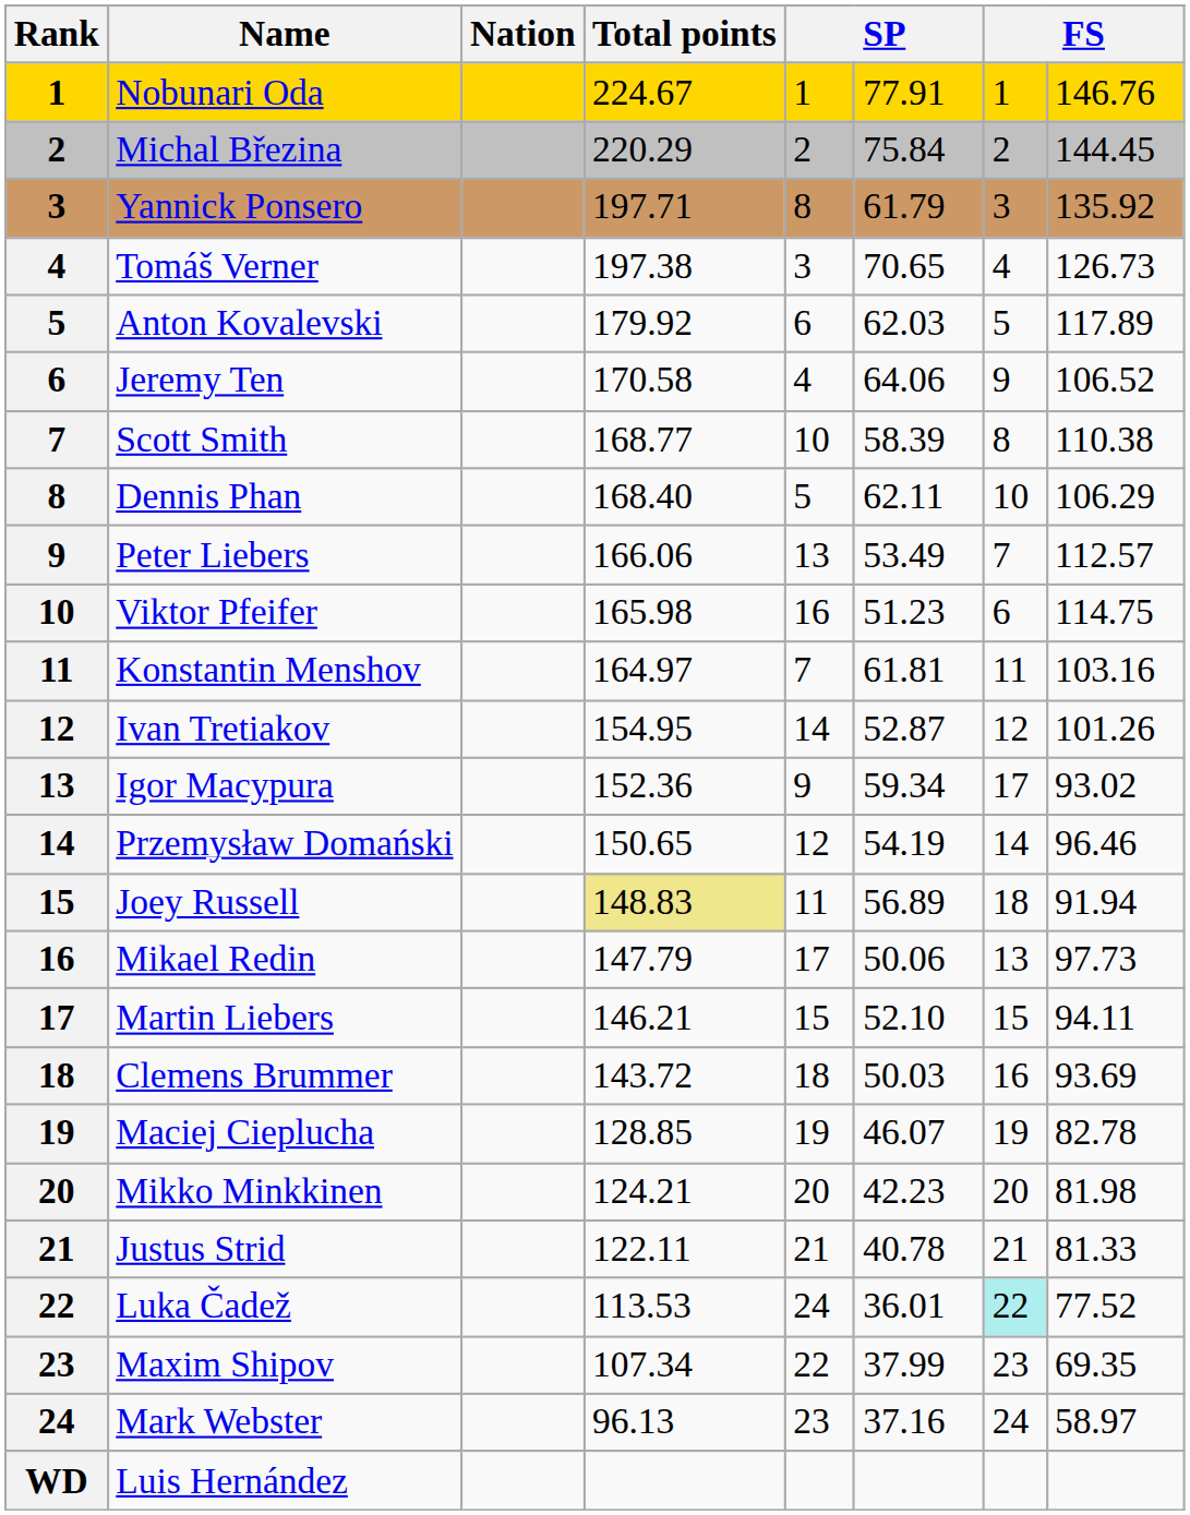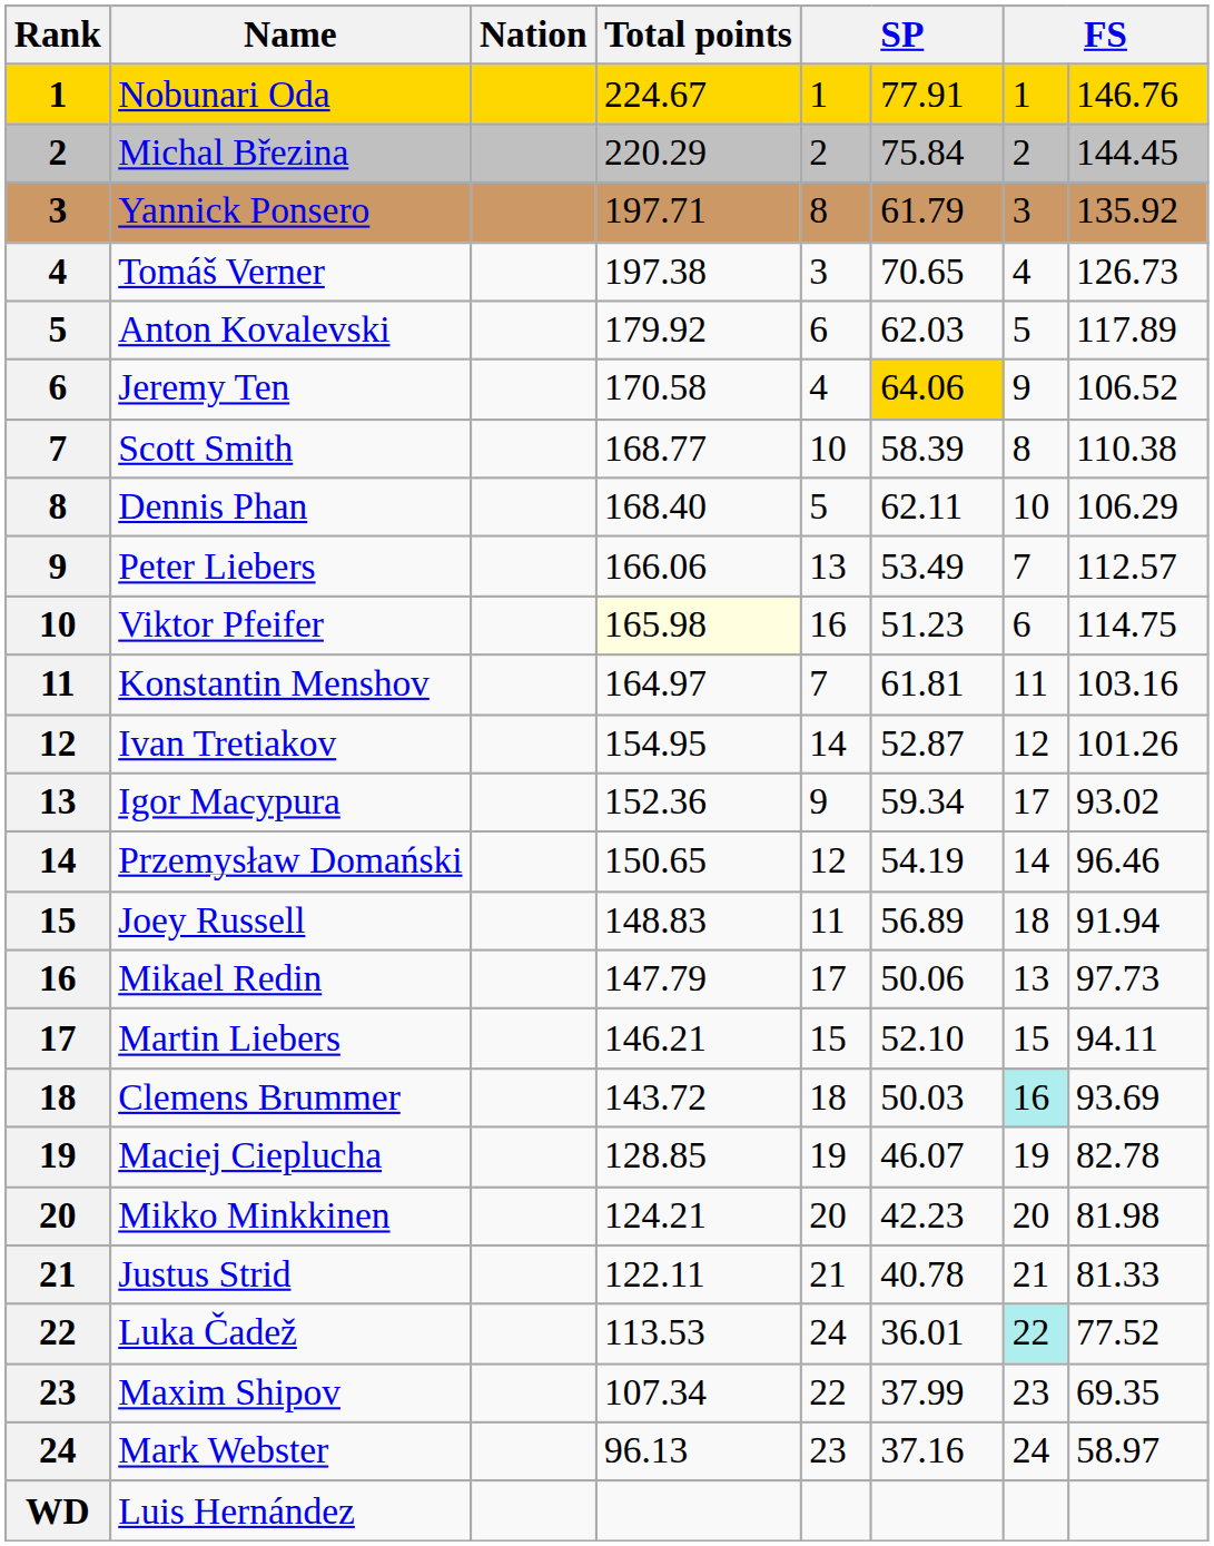 <table class="wikitable">
 <tr>
 <th>Rank</th>
 <th>Name</th>
 <th>Nation</th>
 <th>Total points</th>
 <th colspan="2" width="80px"><a href='#'>SP</a></th>
 <th colspan="2" width="80px"><a href='#'>FS</a></th>
 </tr>
 <tr bgcolor="gold">
 <td align="center"><strong>1</strong></td>
 <td><a href='#'>Nobunari Oda</a></td>
 <td></td>
 <td>224.67</td>
 <td>1</td>
 <td>77.91</td>
 <td>1</td>
 <td>146.76</td>
 </tr>
 <tr bgcolor="silver">
 <td align="center"><strong>2</strong></td>
 <td><a href='#'>Michal Březina</a></td>
 <td></td>
 <td>220.29</td>
 <td>2</td>
 <td>75.84</td>
 <td>2</td>
 <td>144.45</td>
 </tr>
 <tr bgcolor="cc9966">
 <td align="center"><strong>3</strong></td>
 <td><a href='#'>Yannick Ponsero</a></td>
 <td></td>
 <td>197.71</td>
 <td>8</td>
 <td>61.79</td>
 <td>3</td>
 <td>135.92</td>
 </tr>
 <tr>
 <th>4</th>
 <td><a href='#'>Tomáš Verner</a></td>
 <td></td>
 <td>197.38</td>
 <td>3</td>
 <td>70.65</td>
 <td>4</td>
 <td>126.73</td>
 </tr>
 <tr>
 <th>5</th>
 <td><a href='#'>Anton Kovalevski</a></td>
 <td></td>
 <td>179.92</td>
 <td>6</td>
 <td>62.03</td>
 <td>5</td>
 <td>117.89</td>
 </tr>
 <tr>
 <th>6</th>
 <td><a href='#'>Jeremy Ten</a></td>
 <td></td>
 <td>170.58</td>
 <td>4</td>
-<td>64.06</td>
+<td style="background: gold;">64.06</td>
 <td>9</td>
 <td>106.52</td>
 </tr>
 <tr>
 <th>7</th>
 <td><a href='#'>Scott Smith</a></td>
 <td></td>
 <td>168.77</td>
 <td>10</td>
 <td>58.39</td>
 <td>8</td>
 <td>110.38</td>
 </tr>
 <tr>
 <th>8</th>
 <td><a href='#'>Dennis Phan</a></td>
 <td></td>
 <td>168.40</td>
 <td>5</td>
 <td>62.11</td>
 <td>10</td>
 <td>106.29</td>
 </tr>
 <tr>
 <th>9</th>
 <td><a href='#'>Peter Liebers</a></td>
 <td></td>
 <td>166.06</td>
 <td>13</td>
 <td>53.49</td>
 <td>7</td>
 <td>112.57</td>
 </tr>
 <tr>
 <th>10</th>
 <td><a href='#'>Viktor Pfeifer</a></td>
 <td></td>
-<td>165.98</td>
+<td style="background: lightyellow;">165.98</td>
 <td>16</td>
 <td>51.23</td>
 <td>6</td>
 <td>114.75</td>
 </tr>
 <tr>
 <th>11</th>
 <td><a href='#'>Konstantin Menshov</a></td>
 <td></td>
 <td>164.97</td>
 <td>7</td>
 <td>61.81</td>
 <td>11</td>
 <td>103.16</td>
 </tr>
 <tr>
 <th>12</th>
 <td><a href='#'>Ivan Tretiakov</a></td>
 <td></td>
 <td>154.95</td>
 <td>14</td>
 <td>52.87</td>
 <td>12</td>
 <td>101.26</td>
 </tr>
 <tr>
 <th>13</th>
 <td><a href='#'>Igor Macypura</a></td>
 <td></td>
 <td>152.36</td>
 <td>9</td>
 <td>59.34</td>
 <td>17</td>
 <td>93.02</td>
 </tr>
 <tr>
 <th>14</th>
 <td><a href='#'>Przemysław Domański</a></td>
 <td></td>
 <td>150.65</td>
 <td>12</td>
 <td>54.19</td>
 <td>14</td>
 <td>96.46</td>
 </tr>
 <tr>
 <th>15</th>
 <td><a href='#'>Joey Russell</a></td>
 <td></td>
-<td style="background: khaki;">148.83</td>
+<td>148.83</td>
 <td>11</td>
 <td>56.89</td>
 <td>18</td>
 <td>91.94</td>
 </tr>
 <tr>
 <th>16</th>
 <td><a href='#'>Mikael Redin</a></td>
 <td></td>
 <td>147.79</td>
 <td>17</td>
 <td>50.06</td>
 <td>13</td>
 <td>97.73</td>
 </tr>
 <tr>
 <th>17</th>
 <td><a href='#'>Martin Liebers</a></td>
 <td></td>
 <td>146.21</td>
 <td>15</td>
 <td>52.10</td>
 <td>15</td>
 <td>94.11</td>
 </tr>
 <tr>
 <th>18</th>
 <td><a href='#'>Clemens Brummer</a></td>
 <td></td>
 <td>143.72</td>
 <td>18</td>
 <td>50.03</td>
-<td>16</td>
+<td style="background: paleturquoise;">16</td>
 <td>93.69</td>
 </tr>
 <tr>
 <th>19</th>
 <td><a href='#'>Maciej Cieplucha</a></td>
 <td></td>
 <td>128.85</td>
 <td>19</td>
 <td>46.07</td>
 <td>19</td>
 <td>82.78</td>
 </tr>
 <tr>
 <th>20</th>
 <td><a href='#'>Mikko Minkkinen</a></td>
 <td></td>
 <td>124.21</td>
 <td>20</td>
 <td>42.23</td>
 <td>20</td>
 <td>81.98</td>
 </tr>
 <tr>
 <th>21</th>
 <td><a href='#'>Justus Strid</a></td>
 <td></td>
 <td>122.11</td>
 <td>21</td>
 <td>40.78</td>
 <td>21</td>
 <td>81.33</td>
 </tr>
 <tr>
 <th>22</th>
 <td><a href='#'>Luka Čadež</a></td>
 <td></td>
 <td>113.53</td>
 <td>24</td>
 <td>36.01</td>
 <td style="background: paleturquoise;">22</td>
 <td>77.52</td>
 </tr>
 <tr>
 <th>23</th>
 <td><a href='#'>Maxim Shipov</a></td>
 <td></td>
 <td>107.34</td>
 <td>22</td>
 <td>37.99</td>
 <td>23</td>
 <td>69.35</td>
 </tr>
 <tr>
 <th>24</th>
 <td><a href='#'>Mark Webster</a></td>
 <td></td>
 <td>96.13</td>
 <td>23</td>
 <td>37.16</td>
 <td>24</td>
 <td>58.97</td>
 </tr>
 <tr>
 <th>WD</th>
 <td><a href='#'>Luis Hernández</a></td>
 <td></td>
 <td></td>
 <td></td>
 <td></td>
 <td></td>
 <td></td>
 </tr>
 </table>
